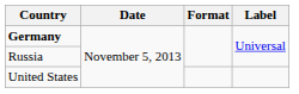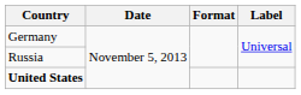 <table class="wikitable">
 <tr>
 <th>Country</th>
 <th>Date</th>
 <th>Format</th>
 <th>Label</th>
 </tr>
 <tr>
-<td><strong>Germany</strong></td>
+<td>Germany</td>
 <td rowspan="3">November 5, 2013</td>
 <td rowspan="2"></td>
 <td rowspan="2"><a href='#'>Universal</a></td>
 </tr>
 <tr>
 <td>Russia</td>
 </tr>
 <tr>
-<td>United States</td>
+<td><strong>United States</strong></td>
 <td></td>
 <td></td>
 </tr>
 </table>
